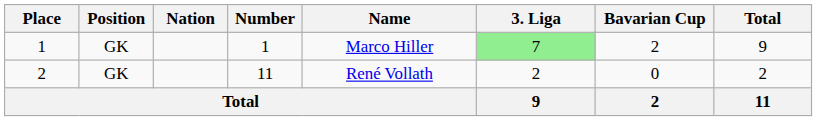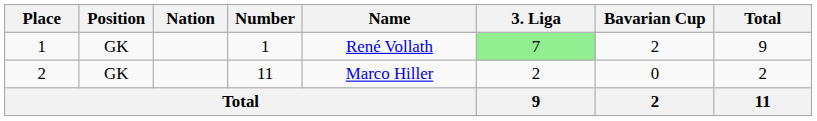 <table class="wikitable" style="font-size: 95%; text-align: center;">
 <tr>
 <th width=60>Place</th>
 <th width=60>Position</th>
 <th width=60>Nation</th>
 <th width=60>Number</th>
 <th width=150>Name</th>
 <th width=100>3. Liga</th>
 <th width=100>Bavarian Cup</th>
 <th width=80><strong>Total</strong></th>
 </tr>
 <tr>
 <td>1</td>
 <td>GK</td>
 <td></td>
 <td>1</td>
-<td><a href='#'>Marco Hiller</a></td>
+<td><a href='#'>René Vollath</a></td>
 <td style="background: lightgreen;">7</td>
 <td>2</td>
 <td>9</td>
 </tr>
 <tr>
 <td>2</td>
 <td>GK</td>
 <td></td>
 <td>11</td>
-<td><a href='#'>René Vollath</a></td>
+<td><a href='#'>Marco Hiller</a></td>
 <td>2</td>
 <td>0</td>
 <td>2</td>
 </tr>
 <tr>
 <th colspan="5"><strong>Total</strong></th>
 <th>9</th>
 <th>2</th>
 <th><strong>11</strong></th>
 </tr>
 </table>
